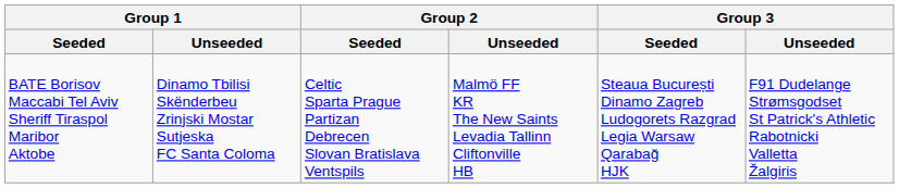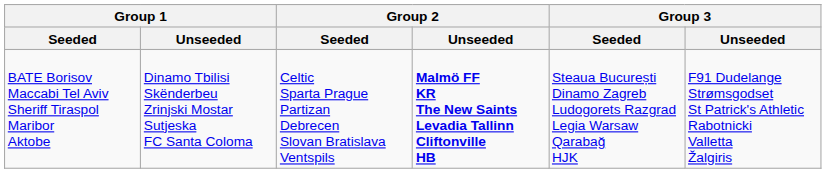 <table class="wikitable" style="font-size:80%">
 <tr>
 <th colspan=2>Group 1</th>
 <th colspan=2>Group 2</th>
 <th colspan=2>Group 3</th>
 </tr>
 <tr>
 <th width=16%>Seeded</th>
 <th width=16%>Unseeded</th>
 <th width=16%>Seeded</th>
 <th width=16%>Unseeded</th>
 <th width=16%>Seeded</th>
 <th width=16%>Unseeded</th>
 </tr>
 <tr>
 <td valign=top><br> <a href='#'>BATE Borisov</a><br>  <a href='#'>Maccabi Tel Aviv</a><br>  <a href='#'>Sheriff Tiraspol</a><br>  <a href='#'>Maribor</a><br>  <a href='#'>Aktobe</a></td>
 <td valign=top><br> <a href='#'>Dinamo Tbilisi</a><br>  <a href='#'>Skënderbeu</a><br>  <a href='#'>Zrinjski Mostar</a><br>  <a href='#'>Sutjeska</a><br>  <a href='#'>FC Santa Coloma</a></td>
 <td valign=top><br> <a href='#'>Celtic</a><br>  <a href='#'>Sparta Prague</a><br>  <a href='#'>Partizan</a><br>  <a href='#'>Debrecen</a><br>  <a href='#'>Slovan Bratislava</a><br>  <a href='#'>Ventspils</a></td>
-<td valign=top><br> <a href='#'>Malmö FF</a><br>  <a href='#'>KR</a><br>  <a href='#'>The New Saints</a><br>  <a href='#'>Levadia Tallinn</a><br>  <a href='#'>Cliftonville</a><br>  <a href='#'>HB</a></td>
+<td valign=top><strong><br> <a href='#'>Malmö FF</a><br>  <a href='#'>KR</a><br>  <a href='#'>The New Saints</a><br>  <a href='#'>Levadia Tallinn</a><br>  <a href='#'>Cliftonville</a><br>  <a href='#'>HB</a></strong></td>
 <td valign=top><br> <a href='#'>Steaua București</a><br>  <a href='#'>Dinamo Zagreb</a><br>  <a href='#'>Ludogorets Razgrad</a><br>  <a href='#'>Legia Warsaw</a><br>  <a href='#'>Qarabağ</a><br>  <a href='#'>HJK</a></td>
 <td valign=top><br> <a href='#'>F91 Dudelange</a><br>  <a href='#'>Strømsgodset</a><br>  <a href='#'>St Patrick's Athletic</a><br>  <a href='#'>Rabotnicki</a><br>  <a href='#'>Valletta</a><br>  <a href='#'>Žalgiris</a></td>
 </tr>
 </table>
